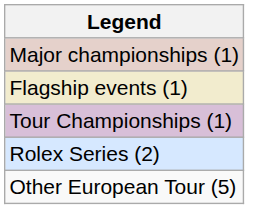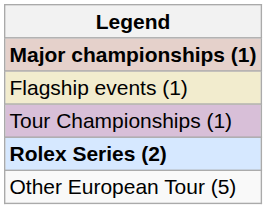 <table class="wikitable" style="font-size:95%;">
 <tr>
 <th>Legend</th>
 </tr>
 <tr style="background:#e5d1cb;">
-<td>Major championships  (1)</td>
+<td><strong>Major championships  (1)</strong></td>
 </tr>
 <tr style="background:#f2ecce;">
 <td>Flagship events (1)</td>
 </tr>
 <tr style="background:thistle;">
 <td>Tour Championships (1)</td>
 </tr>
 <tr style="background:#D6E8FF;">
-<td>Rolex Series (2)</td>
+<td><strong>Rolex Series (2)</strong></td>
 </tr>
 <tr>
 <td>Other European Tour (5)</td>
 </tr>
 </table>
